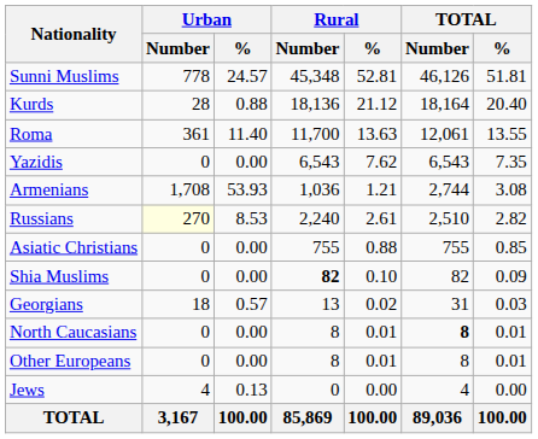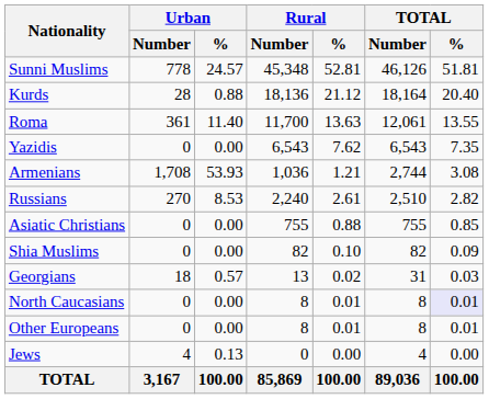 <table class="wikitable sortable">
 <tr>
 <th rowspan="2">Nationality</th>
 <th colspan="2"><a href='#'>Urban</a></th>
 <th colspan="2"><a href='#'>Rural</a></th>
 <th colspan="2">TOTAL</th>
 </tr>
 <tr>
 <th>Number</th>
 <th>%</th>
 <th>Number</th>
 <th>%</th>
 <th>Number</th>
 <th>%</th>
 </tr>
 <tr>
 <td><a href='#'>Sunni Muslims</a></td>
 <td align="right">778</td>
 <td align="right">24.57</td>
 <td align="right">45,348</td>
 <td align="right">52.81</td>
 <td align="right">46,126</td>
 <td align="right">51.81</td>
 </tr>
 <tr>
 <td><a href='#'>Kurds</a></td>
 <td align="right">28</td>
 <td align="right">0.88</td>
 <td align="right">18,136</td>
 <td align="right">21.12</td>
 <td align="right">18,164</td>
 <td align="right">20.40</td>
 </tr>
 <tr>
 <td><a href='#'>Roma</a></td>
 <td align="right">361</td>
 <td align="right">11.40</td>
 <td align="right">11,700</td>
 <td align="right">13.63</td>
 <td align="right">12,061</td>
 <td align="right">13.55</td>
 </tr>
 <tr>
 <td><a href='#'>Yazidis</a></td>
 <td align="right">0</td>
 <td align="right">0.00</td>
 <td align="right">6,543</td>
 <td align="right">7.62</td>
 <td align="right">6,543</td>
 <td align="right">7.35</td>
 </tr>
 <tr>
 <td><a href='#'>Armenians</a></td>
 <td align="right">1,708</td>
 <td align="right">53.93</td>
 <td align="right">1,036</td>
 <td align="right">1.21</td>
 <td align="right">2,744</td>
 <td align="right">3.08</td>
 </tr>
 <tr>
 <td><a href='#'>Russians</a></td>
-<td align="right" style="background: lightyellow;">270</td>
+<td align="right">270</td>
 <td align="right">8.53</td>
 <td align="right">2,240</td>
 <td align="right">2.61</td>
 <td align="right">2,510</td>
 <td align="right">2.82</td>
 </tr>
 <tr>
 <td><a href='#'>Asiatic Christians</a></td>
 <td align="right">0</td>
 <td align="right">0.00</td>
 <td align="right">755</td>
 <td align="right">0.88</td>
 <td align="right">755</td>
 <td align="right">0.85</td>
 </tr>
 <tr>
 <td><a href='#'>Shia Muslims</a></td>
 <td align="right">0</td>
 <td align="right">0.00</td>
-<td align="right"><strong>82</strong></td>
+<td align="right">82</td>
 <td align="right">0.10</td>
 <td align="right">82</td>
 <td align="right">0.09</td>
 </tr>
 <tr>
 <td><a href='#'>Georgians</a></td>
 <td align="right">18</td>
 <td align="right">0.57</td>
 <td align="right">13</td>
 <td align="right">0.02</td>
 <td align="right">31</td>
 <td align="right">0.03</td>
 </tr>
 <tr>
 <td><a href='#'>North Caucasians</a></td>
 <td align="right">0</td>
 <td align="right">0.00</td>
 <td align="right">8</td>
 <td align="right">0.01</td>
-<td align="right"><strong>8</strong></td>
-<td align="right">0.01</td>
+<td align="right">8</td>
+<td align="right" style="background: lavender;">0.01</td>
 </tr>
 <tr>
 <td><a href='#'>Other Europeans</a></td>
 <td align="right">0</td>
 <td align="right">0.00</td>
 <td align="right">8</td>
 <td align="right">0.01</td>
 <td align="right">8</td>
 <td align="right">0.01</td>
 </tr>
 <tr>
 <td><a href='#'>Jews</a></td>
 <td align="right">4</td>
 <td align="right">0.13</td>
 <td align="right">0</td>
 <td align="right">0.00</td>
 <td align="right">4</td>
 <td align="right">0.00</td>
 </tr>
 <tr>
 <th>TOTAL</th>
 <th>3,167</th>
 <th>100.00</th>
 <th>85,869</th>
 <th>100.00</th>
 <th>89,036</th>
 <th>100.00</th>
 </tr>
 </table>
